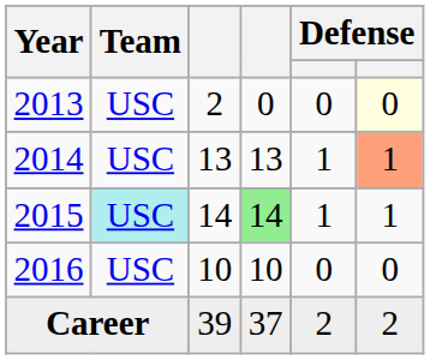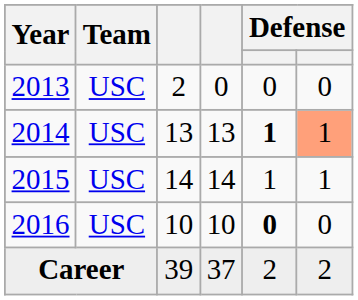 <table class="wikitable sortable" style="text-align:center;">
 <tr>
 <th rowspan="2">Year</th>
 <th rowspan="2">Team</th>
 <th rowspan="2"></th>
 <th rowspan="2"></th>
 <th colspan="2">Defense</th>
 </tr>
 <tr>
 <th></th>
 <th></th>
 </tr>
 <tr>
 <td><a href='#'>2013</a></td>
 <td><a href='#'>USC</a></td>
 <td>2</td>
 <td>0</td>
 <td>0</td>
-<td style="background: lightyellow;">0</td>
+<td>0</td>
 </tr>
 <tr>
 <td><a href='#'>2014</a></td>
 <td><a href='#'>USC</a></td>
 <td>13</td>
 <td>13</td>
-<td>1</td>
+<td><strong>1</strong></td>
 <td style="background: lightsalmon;">1</td>
 </tr>
 <tr>
 <td><a href='#'>2015</a></td>
-<td style="background: paleturquoise;"><a href='#'>USC</a></td>
+<td><a href='#'>USC</a></td>
 <td>14</td>
-<td style="background: lightgreen;">14</td>
+<td>14</td>
 <td>1</td>
 <td>1</td>
 </tr>
 <tr>
 <td><a href='#'>2016</a></td>
 <td><a href='#'>USC</a></td>
 <td>10</td>
 <td>10</td>
-<td>0</td>
+<td><strong>0</strong></td>
 <td>0</td>
 </tr>
 <tr class="sortbottom" style="background:#eee;">
 <td colspan=2><strong>Career</strong></td>
 <td>39</td>
 <td>37</td>
 <td>2</td>
 <td>2</td>
 </tr>
 </table>
